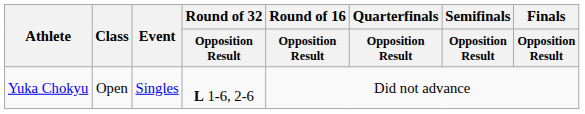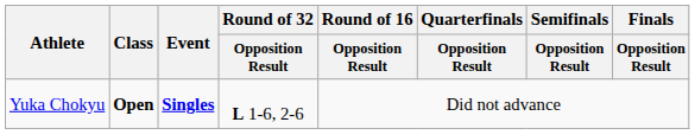 <table class=wikitable style="font-size:90%">
 <tr>
 <th rowspan="2">Athlete</th>
 <th rowspan="2">Class</th>
 <th rowspan="2">Event</th>
 <th>Round of 32</th>
 <th>Round of 16</th>
 <th>Quarterfinals</th>
 <th>Semifinals</th>
 <th>Finals</th>
 </tr>
 <tr>
 <th style="line-height:1em"><small>Opposition<br>Result</small></th>
 <th style="line-height:1em"><small>Opposition<br>Result</small></th>
 <th style="line-height:1em"><small>Opposition<br>Result</small></th>
 <th style="line-height:1em"><small>Opposition<br>Result</small></th>
 <th style="line-height:1em"><small>Opposition<br>Result</small></th>
 </tr>
 <tr>
 <td><a href='#'>Yuka Chokyu</a></td>
-<td style="text-align:center;">Open</td>
-<td><a href='#'>Singles</a></td>
+<td style="text-align:center;"><strong>Open</strong></td>
+<td><strong><a href='#'>Singles</a></strong></td>
 <td style="text-align:center;"><br><strong>L</strong> 1-6, 2-6</td>
 <td style="text-align:center;" colspan="4">Did not advance</td>
 </tr>
 </table>
